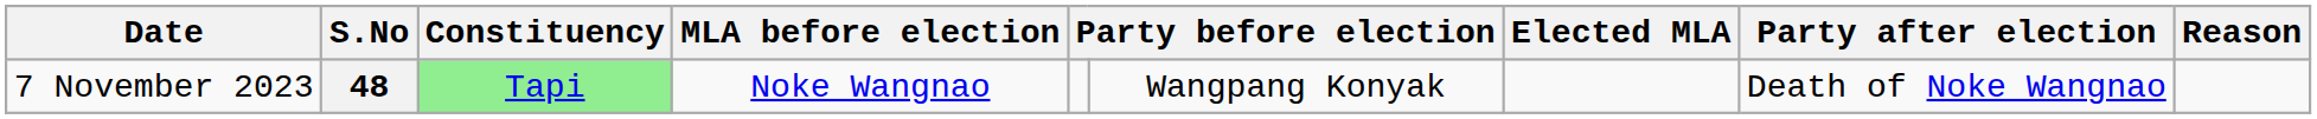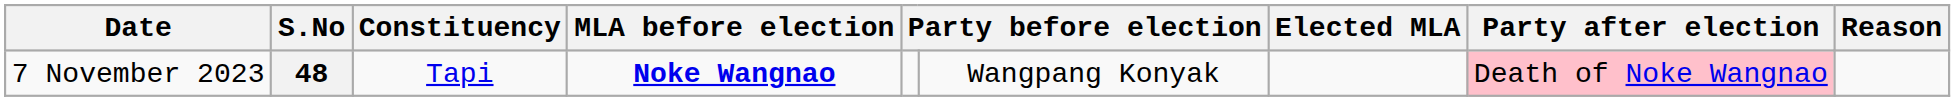 <table class="wikitable sortable" style="text-align:center;">
 <tr>
 <th>Date</th>
 <th>S.No</th>
 <th>Constituency</th>
 <th>MLA before election</th>
 <th colspan="2">Party before election</th>
 <th>Elected MLA</th>
 <th colspan="2">Party after election</th>
 <th>Reason</th>
 </tr>
 <tr>
 <td>7 November 2023</td>
 <th>48</th>
-<td style="background: lightgreen;"><a href='#'>Tapi</a></td>
-<td><a href='#'>Noke Wangnao</a></td>
+<td><a href='#'>Tapi</a></td>
+<td><strong><a href='#'>Noke Wangnao</a></strong></td>
 <td></td>
 <td>Wangpang Konyak</td>
 <td></td>
-<td>Death of <a href='#'>Noke Wangnao</a></td>
+<td style="background: pink;">Death of <a href='#'>Noke Wangnao</a></td>
 </tr>
 </table>
